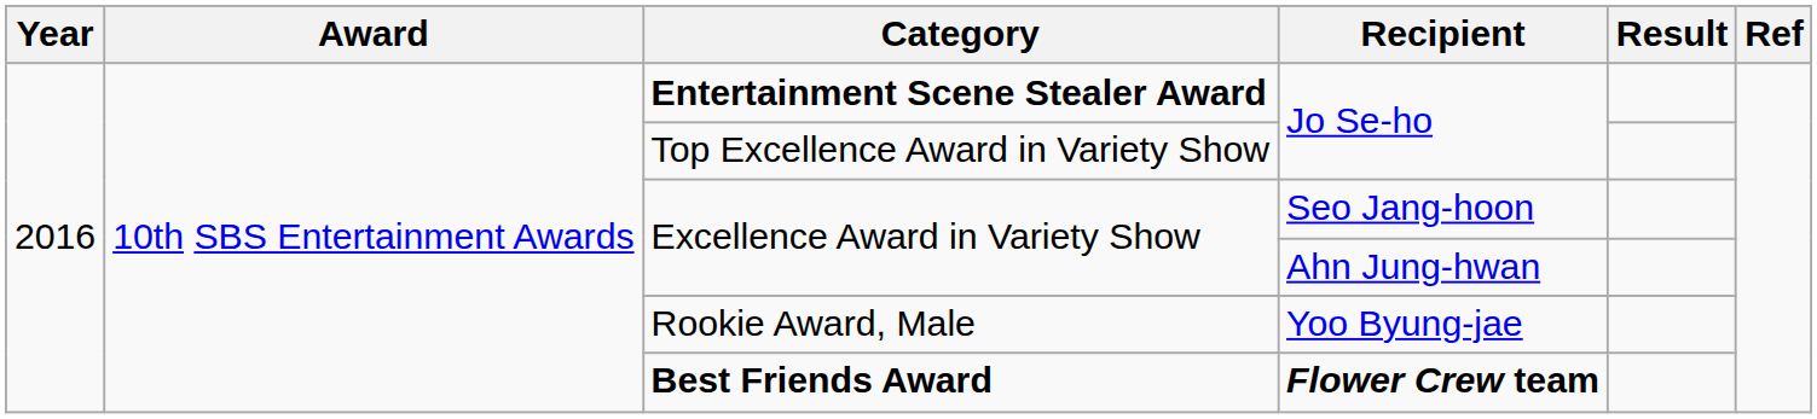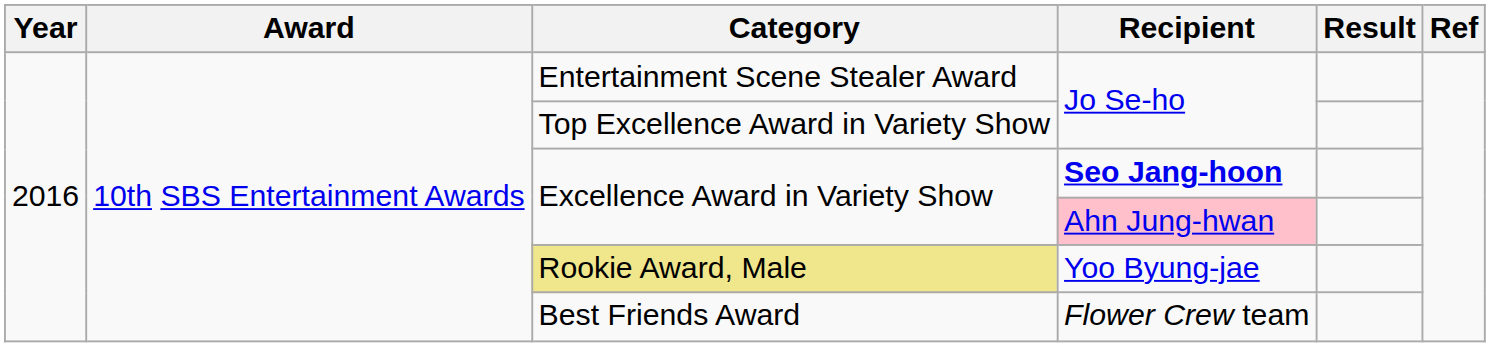 <table class=wikitable>
 <tr>
 <th>Year</th>
 <th>Award</th>
 <th>Category</th>
 <th>Recipient</th>
 <th>Result</th>
 <th>Ref</th>
 </tr>
 <tr>
 <td rowspan=6>2016</td>
 <td rowspan=6><a href='#'>10th</a> <a href='#'>SBS Entertainment Awards</a></td>
-<td><strong>Entertainment Scene Stealer Award</strong></td>
+<td>Entertainment Scene Stealer Award</td>
 <td rowspan=2><a href='#'>Jo Se-ho</a></td>
 <td></td>
 <td rowspan=6></td>
 </tr>
 <tr>
 <td>Top Excellence Award in Variety Show</td>
 <td></td>
 </tr>
 <tr>
 <td rowspan=2>Excellence Award in Variety Show</td>
-<td><a href='#'>Seo Jang-hoon</a></td>
+<td><strong><a href='#'>Seo Jang-hoon</a></strong></td>
 <td></td>
 </tr>
 <tr>
-<td><a href='#'>Ahn Jung-hwan</a></td>
+<td style="background: pink;"><a href='#'>Ahn Jung-hwan</a></td>
 <td></td>
 </tr>
 <tr>
-<td>Rookie Award, Male</td>
+<td style="background: khaki;">Rookie Award, Male</td>
 <td><a href='#'>Yoo Byung-jae</a></td>
 <td></td>
 </tr>
 <tr>
-<td><strong>Best Friends Award</strong></td>
-<td><strong><em>Flower Crew</em> team</strong></td>
+<td>Best Friends Award</td>
+<td><em>Flower Crew</em> team</td>
 <td></td>
 </tr>
 </table>
